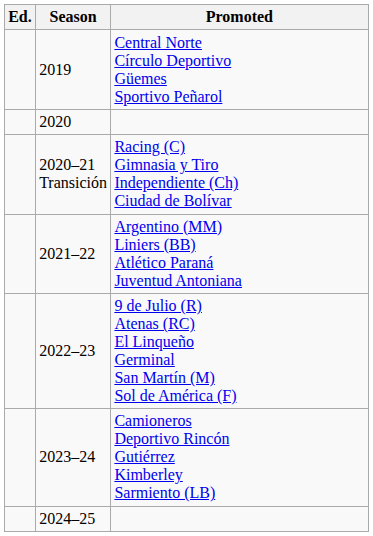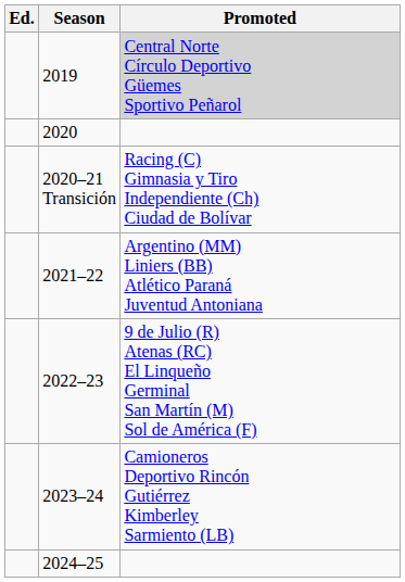 <table class="wikitable sortable">
 <tr>
 <th width=>Ed.</th>
 <th width=60px>Season</th>
 <th width=250px>Promoted</th>
 </tr>
 <tr>
 <td></td>
 <td>2019</td>
-<td><a href='#'>Central Norte</a> <br><a href='#'>Círculo Deportivo</a><br> <a href='#'>Güemes</a> <br> <a href='#'>Sportivo Peñarol</a></td>
+<td style="background: lightgrey;"><a href='#'>Central Norte</a> <br><a href='#'>Círculo Deportivo</a><br> <a href='#'>Güemes</a> <br> <a href='#'>Sportivo Peñarol</a></td>
 </tr>
 <tr>
 <td></td>
 <td>2020</td>
 <td colspan="1"></td>
 </tr>
 <tr>
 <td></td>
 <td>2020–21 Transición</td>
 <td><a href='#'>Racing (C)</a> <br> <a href='#'>Gimnasia y Tiro</a> <br> <a href='#'>Independiente (Ch)</a><br> <a href='#'>Ciudad de Bolívar</a></td>
 </tr>
 <tr>
 <td></td>
 <td>2021–22</td>
 <td><a href='#'>Argentino (MM)</a> <br>  <a href='#'>Liniers (BB)</a> <br> <a href='#'>Atlético Paraná</a> <br>  <a href='#'>Juventud Antoniana</a></td>
 </tr>
 <tr>
 <td></td>
 <td>2022–23</td>
 <td><a href='#'>9 de Julio (R)</a> <br><a href='#'>Atenas (RC)</a><br><a href='#'>El Linqueño</a><br><a href='#'>Germinal</a><br><a href='#'>San Martín (M)</a><br><a href='#'>Sol de América (F)</a></td>
 </tr>
 <tr>
 <td></td>
 <td>2023–24</td>
 <td><a href='#'>Camioneros</a><br><a href='#'>Deportivo Rincón</a><br><a href='#'>Gutiérrez</a><br><a href='#'>Kimberley</a><br><a href='#'>Sarmiento (LB)</a></td>
 </tr>
 <tr>
 <td></td>
 <td>2024–25</td>
 <td></td>
 </tr>
 <tr>
 </tr>
 </table>
